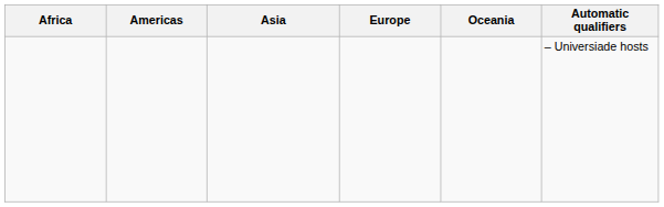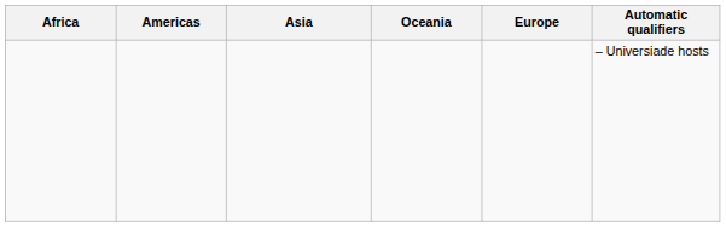 <table class=wikitable width=100%>
 <tr>
 <th width=13%>Africa</th>
 <th width=13%>Americas</th>
 <th width=17%>Asia</th>
+<th width=13%>Oceania</th>
 <th width=13%>Europe</th>
-<th width=13%>Oceania</th>
 <th width=15%>Automatic qualifiers</th>
 </tr>
 <tr valign=top>
 <td><s></s><br></td>
 <td><br><br><br></td>
 <td><br><br><br> <br></td>
+<td></td>
 <td><br>   <br>  <br>  <br><br><br><br><br><br><br><br><br></td>
-<td></td>
 <td>– Universiade hosts</td>
 </tr>
 </table>
